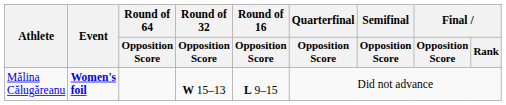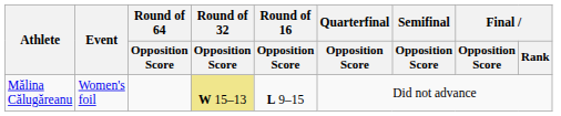 <table class="wikitable" style="font-size:90%">
 <tr>
 <th rowspan="2">Athlete</th>
 <th rowspan="2">Event</th>
 <th>Round of 64</th>
 <th>Round of 32</th>
 <th>Round of 16</th>
 <th>Quarterfinal</th>
 <th>Semifinal</th>
 <th colspan=2>Final / </th>
 </tr>
 <tr style="font-size:95%">
 <th>Opposition <br> Score</th>
 <th>Opposition <br> Score</th>
 <th>Opposition <br> Score</th>
 <th>Opposition <br> Score</th>
 <th>Opposition <br> Score</th>
 <th>Opposition <br> Score</th>
 <th>Rank</th>
 </tr>
 <tr align=center>
 <td align=left><a href='#'>Mălina Călugăreanu</a></td>
-<td align=left><strong><a href='#'>Women's foil</a></strong></td>
+<td align=left><a href='#'>Women's foil</a></td>
 <td></td>
-<td> <br> <strong>W</strong> 15–13</td>
+<td style="background: khaki;"> <br> <strong>W</strong> 15–13</td>
 <td> <br> <strong>L</strong> 9–15</td>
 <td colspan="4">Did not advance</td>
 </tr>
 </table>
